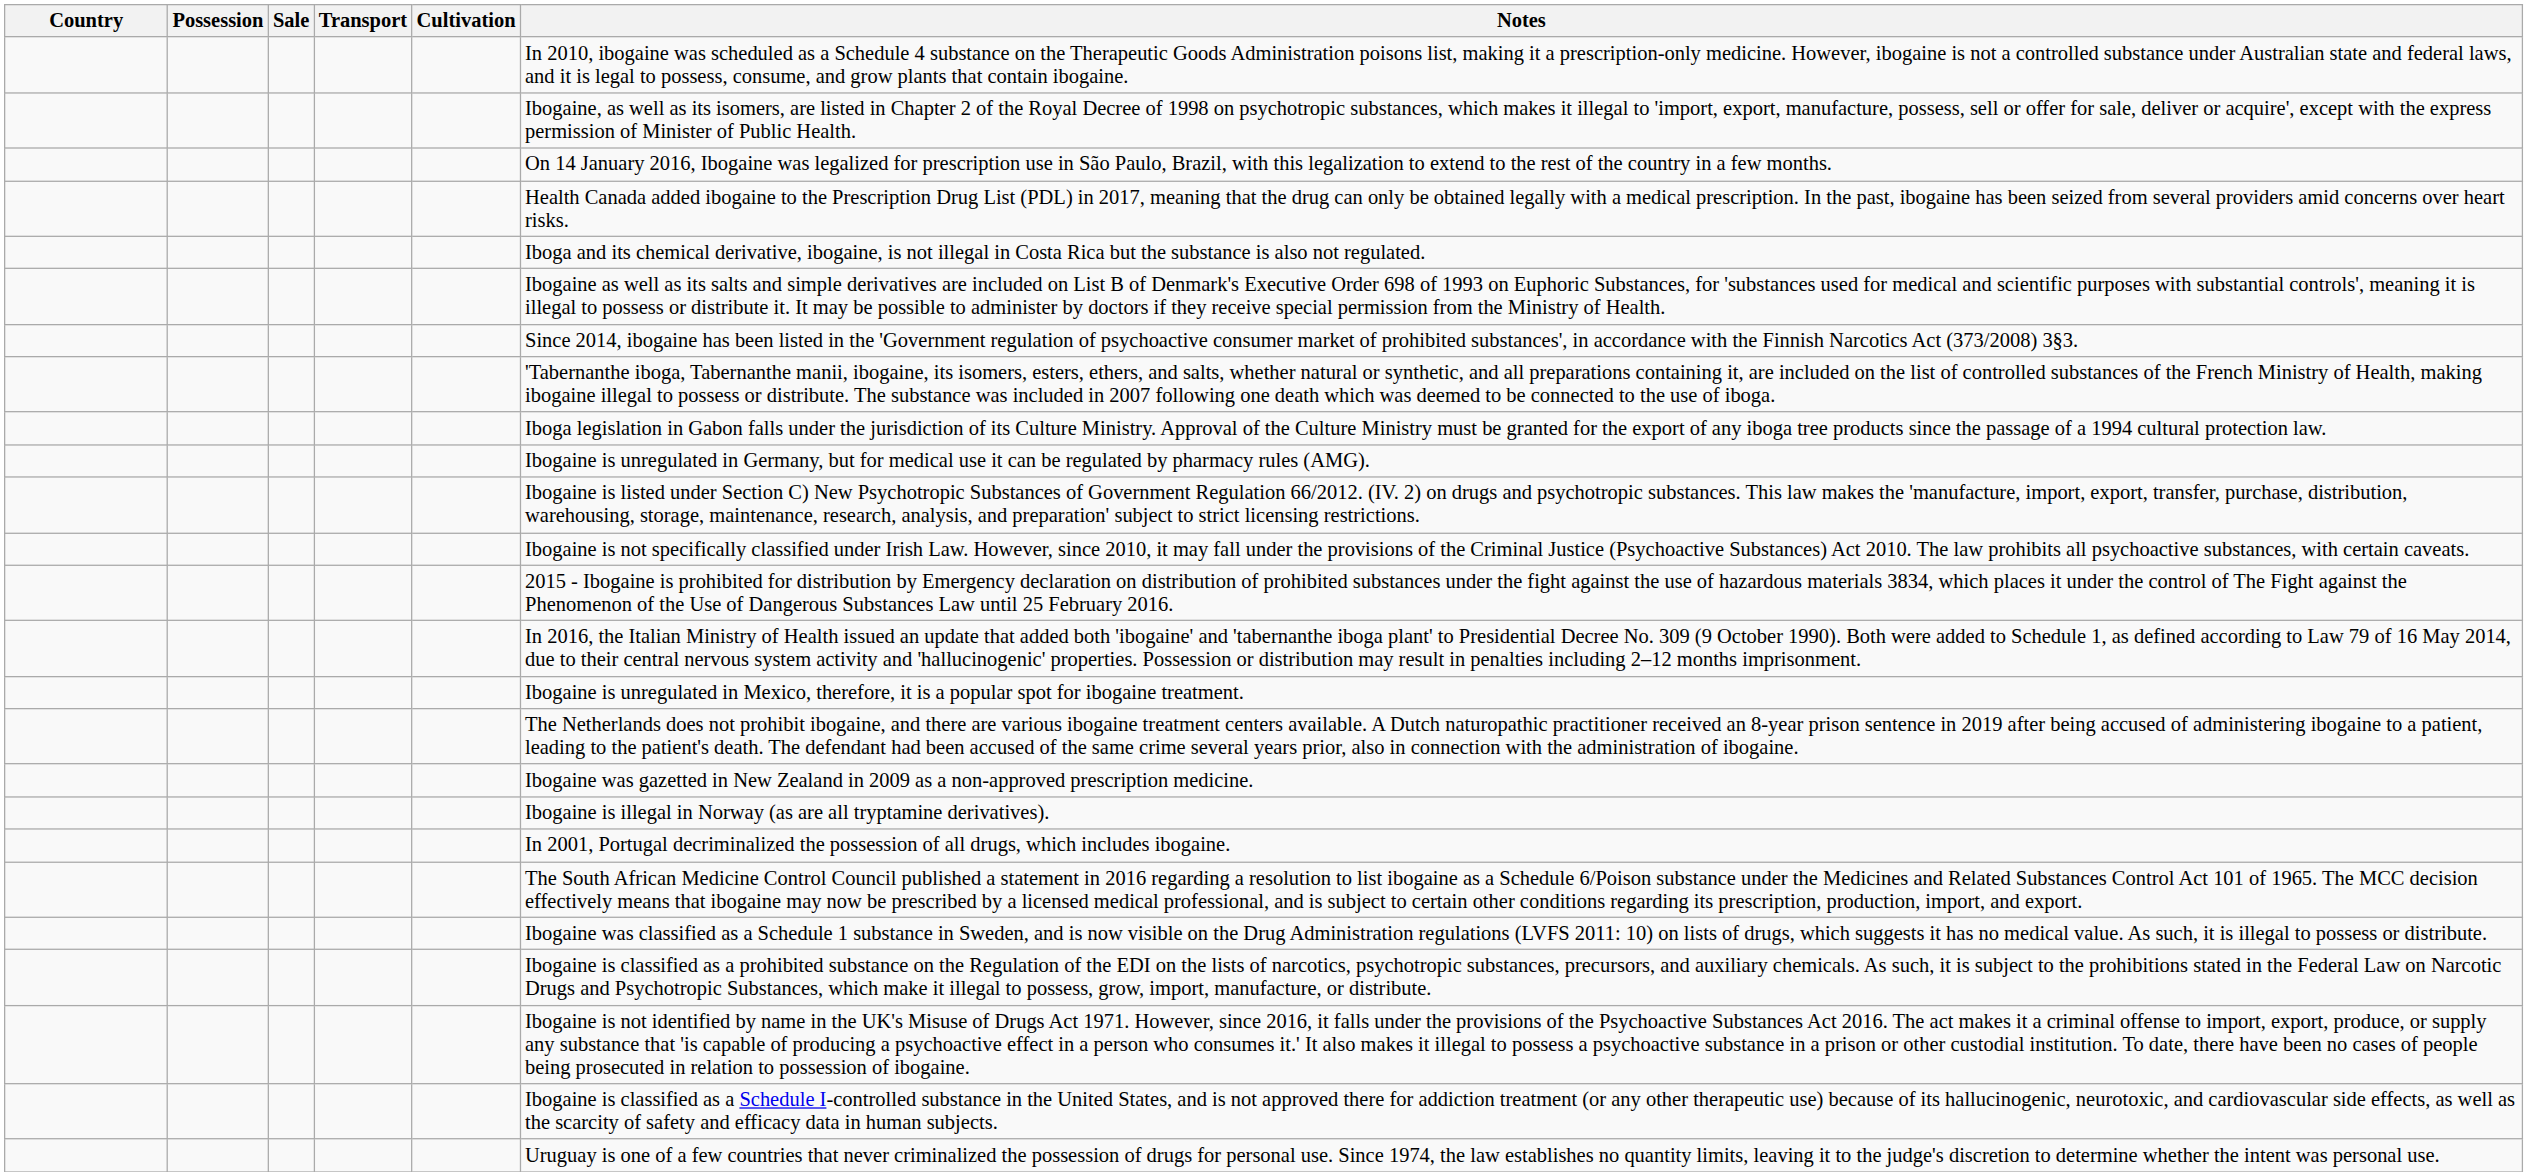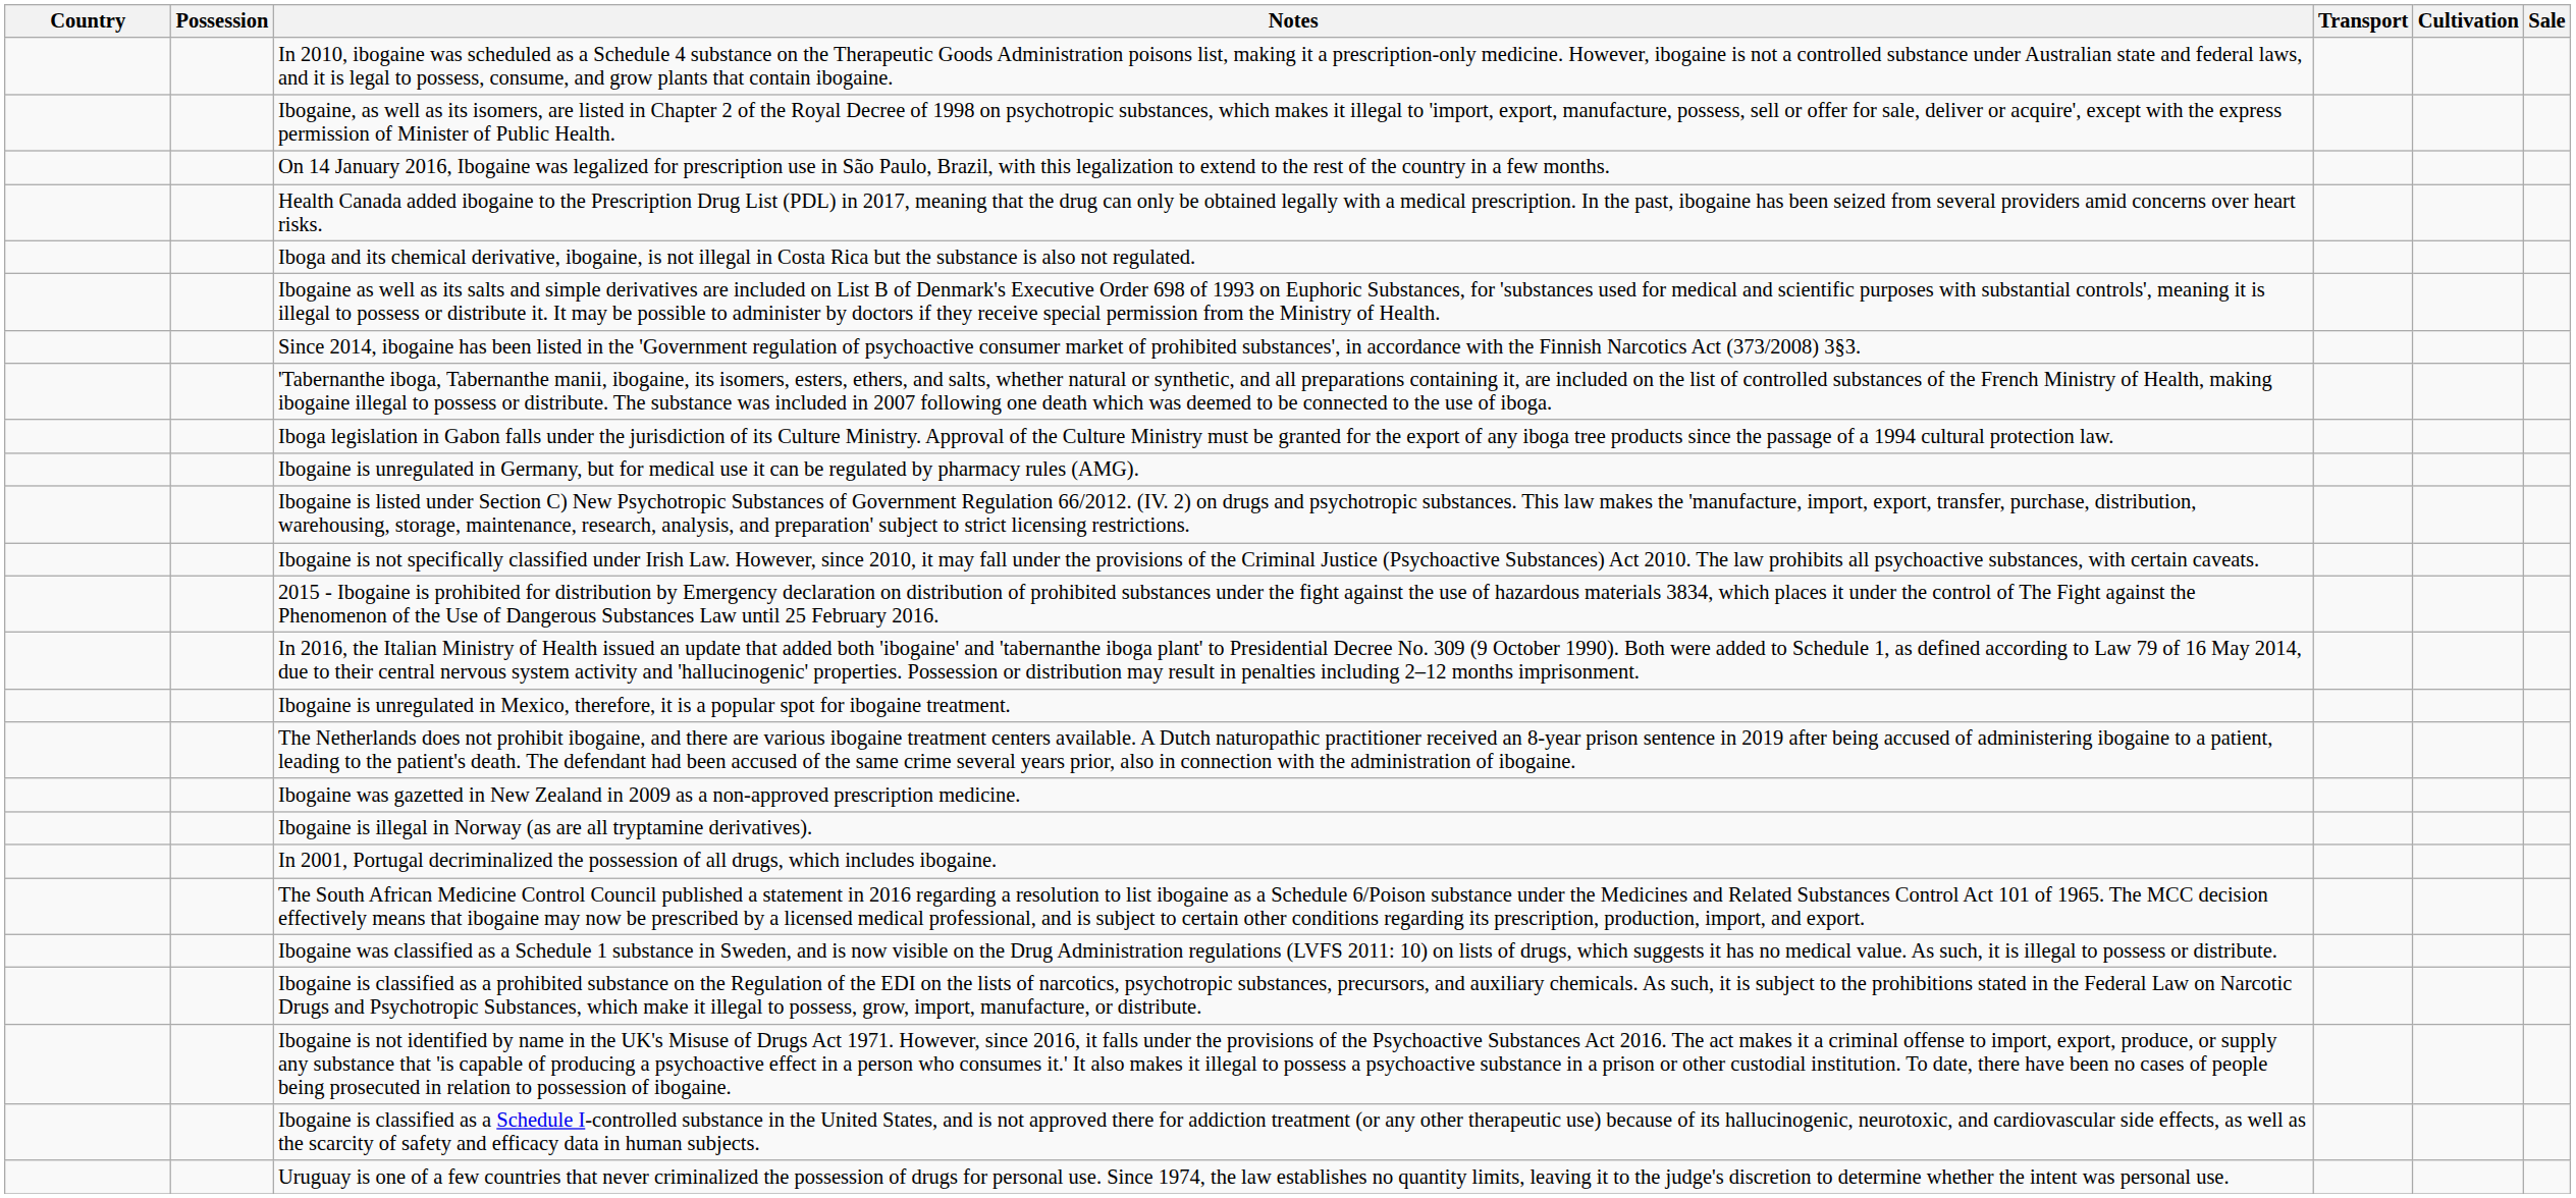 <table class="wikitable sortable" style="text-align:left">
 <tr>
 <th style="width:120px;">Country</th>
 <th>Possession</th>
-<th>Sale</th>
+<th>Notes</th>
 <th>Transport</th>
 <th>Cultivation</th>
-<th>Notes</th>
+<th>Sale</th>
 </tr>
 <tr>
 <td><br></td>
 <td></td>
+<td>In 2010, ibogaine was scheduled as a Schedule 4 substance on the Therapeutic Goods Administration poisons list, making it a prescription-only medicine. However, ibogaine is not a controlled substance under Australian state and federal laws, and it is legal to possess, consume, and grow plants that contain ibogaine.</td>
 <td></td>
 <td></td>
 <td></td>
-<td>In 2010, ibogaine was scheduled as a Schedule 4 substance on the Therapeutic Goods Administration poisons list, making it a prescription-only medicine. However, ibogaine is not a controlled substance under Australian state and federal laws, and it is legal to possess, consume, and grow plants that contain ibogaine.</td>
 </tr>
 <tr>
 <td><br></td>
 <td></td>
+<td>Ibogaine, as well as its isomers, are listed in Chapter 2 of the Royal Decree of 1998 on psychotropic substances, which makes it illegal to 'import, export, manufacture, possess, sell or offer for sale, deliver or acquire', except with the express permission of Minister of Public Health.</td>
 <td></td>
 <td></td>
 <td></td>
-<td>Ibogaine, as well as its isomers, are listed in Chapter 2 of the Royal Decree of 1998 on psychotropic substances, which makes it illegal to 'import, export, manufacture, possess, sell or offer for sale, deliver or acquire', except with the express permission of Minister of Public Health.</td>
 </tr>
 <tr>
 <td><br></td>
 <td></td>
+<td>On 14 January 2016, Ibogaine was legalized for prescription use in São Paulo, Brazil, with this legalization to extend to the rest of the country in a few months.</td>
 <td></td>
 <td></td>
 <td></td>
-<td>On 14 January 2016, Ibogaine was legalized for prescription use in São Paulo, Brazil, with this legalization to extend to the rest of the country in a few months.</td>
 </tr>
 <tr>
 <td><br></td>
 <td></td>
+<td>Health Canada added ibogaine to the Prescription Drug List (PDL) in 2017, meaning that the drug can only be obtained legally with a medical prescription. In the past, ibogaine has been seized from several providers amid concerns over heart risks.</td>
 <td></td>
 <td></td>
 <td></td>
-<td>Health Canada added ibogaine to the Prescription Drug List (PDL) in 2017, meaning that the drug can only be obtained legally with a medical prescription. In the past, ibogaine has been seized from several providers amid concerns over heart risks.</td>
 </tr>
 <tr>
 <td><br></td>
 <td></td>
+<td>Iboga and its chemical derivative, ibogaine, is not illegal in Costa Rica but the substance is also not regulated.</td>
 <td></td>
 <td></td>
 <td></td>
-<td>Iboga and its chemical derivative, ibogaine, is not illegal in Costa Rica but the substance is also not regulated.</td>
 </tr>
 <tr>
 <td><br></td>
 <td></td>
+<td>Ibogaine as well as its salts and simple derivatives are included on List B of Denmark's Executive Order 698 of 1993 on Euphoric Substances, for 'substances used for medical and scientific purposes with substantial controls', meaning it is illegal to possess or distribute it. It may be possible to administer by doctors if they receive special permission from the Ministry of Health.</td>
 <td></td>
 <td></td>
 <td></td>
-<td>Ibogaine as well as its salts and simple derivatives are included on List B of Denmark's Executive Order 698 of 1993 on Euphoric Substances, for 'substances used for medical and scientific purposes with substantial controls', meaning it is illegal to possess or distribute it. It may be possible to administer by doctors if they receive special permission from the Ministry of Health.</td>
 </tr>
 <tr>
 <td><br></td>
 <td></td>
+<td>Since 2014, ibogaine has been listed in the 'Government regulation of psychoactive consumer market of prohibited substances', in accordance with the Finnish Narcotics Act (373/2008) 3§3.</td>
 <td></td>
 <td></td>
 <td></td>
-<td>Since 2014, ibogaine has been listed in the 'Government regulation of psychoactive consumer market of prohibited substances', in accordance with the Finnish Narcotics Act (373/2008) 3§3.</td>
 </tr>
 <tr>
 <td><br></td>
 <td></td>
+<td>'Tabernanthe iboga, Tabernanthe manii, ibogaine, its isomers, esters, ethers, and salts, whether natural or synthetic, and all preparations containing it, are included on the list of controlled substances of the French Ministry of Health, making ibogaine illegal to possess or distribute. The substance was included in 2007 following one death which was deemed to be connected to the use of iboga.</td>
 <td></td>
 <td></td>
 <td></td>
-<td>'Tabernanthe iboga, Tabernanthe manii, ibogaine, its isomers, esters, ethers, and salts, whether natural or synthetic, and all preparations containing it, are included on the list of controlled substances of the French Ministry of Health, making ibogaine illegal to possess or distribute. The substance was included in 2007 following one death which was deemed to be connected to the use of iboga.</td>
 </tr>
 <tr>
 <td><br></td>
 <td></td>
+<td>Iboga legislation in Gabon falls under the jurisdiction of its Culture Ministry. Approval of the Culture Ministry must be granted for the export of any iboga tree products since the passage of a 1994 cultural protection law.</td>
 <td></td>
 <td></td>
 <td></td>
-<td>Iboga legislation in Gabon falls under the jurisdiction of its Culture Ministry. Approval of the Culture Ministry must be granted for the export of any iboga tree products since the passage of a 1994 cultural protection law.</td>
 </tr>
 <tr>
 <td><br></td>
 <td></td>
+<td>Ibogaine is unregulated in Germany, but for medical use it can be regulated by pharmacy rules (AMG).</td>
 <td></td>
 <td></td>
 <td></td>
-<td>Ibogaine is unregulated in Germany, but for medical use it can be regulated by pharmacy rules (AMG).</td>
 </tr>
 <tr>
 <td><br></td>
 <td></td>
+<td>Ibogaine is listed under Section C) New Psychotropic Substances of Government Regulation 66/2012. (IV. 2) on drugs and psychotropic substances. This law makes the 'manufacture, import, export, transfer, purchase, distribution, warehousing, storage, maintenance, research, analysis, and preparation' subject to strict licensing restrictions.</td>
 <td></td>
 <td></td>
 <td></td>
-<td>Ibogaine is listed under Section C) New Psychotropic Substances of Government Regulation 66/2012. (IV. 2) on drugs and psychotropic substances. This law makes the 'manufacture, import, export, transfer, purchase, distribution, warehousing, storage, maintenance, research, analysis, and preparation' subject to strict licensing restrictions.</td>
 </tr>
 <tr>
 <td><br></td>
 <td></td>
+<td>Ibogaine is not specifically classified under Irish Law. However, since 2010, it may fall under the provisions of the Criminal Justice (Psychoactive Substances) Act 2010. The law prohibits all psychoactive substances, with certain caveats.</td>
 <td></td>
 <td></td>
 <td></td>
-<td>Ibogaine is not specifically classified under Irish Law. However, since 2010, it may fall under the provisions of the Criminal Justice (Psychoactive Substances) Act 2010. The law prohibits all psychoactive substances, with certain caveats.</td>
 </tr>
 <tr>
 <td><br></td>
 <td></td>
+<td>2015 - Ibogaine is prohibited for distribution by Emergency declaration on distribution of prohibited substances under the fight against the use of hazardous materials 3834, which places it under the control of The Fight against the Phenomenon of the Use of Dangerous Substances Law until 25 February 2016.</td>
 <td></td>
 <td></td>
 <td></td>
-<td>2015 - Ibogaine is prohibited for distribution by Emergency declaration on distribution of prohibited substances under the fight against the use of hazardous materials 3834, which places it under the control of The Fight against the Phenomenon of the Use of Dangerous Substances Law until 25 February 2016.</td>
 </tr>
 <tr>
 <td><br></td>
 <td></td>
+<td>In 2016, the Italian Ministry of Health issued an update that added both 'ibogaine' and 'tabernanthe iboga plant' to Presidential Decree No. 309 (9 October 1990). Both were added to Schedule 1, as defined according to Law 79 of 16 May 2014, due to their central nervous system activity and 'hallucinogenic' properties. Possession or distribution may result in penalties including 2–12 months imprisonment.</td>
 <td></td>
 <td></td>
 <td></td>
-<td>In 2016, the Italian Ministry of Health issued an update that added both 'ibogaine' and 'tabernanthe iboga plant' to Presidential Decree No. 309 (9 October 1990). Both were added to Schedule 1, as defined according to Law 79 of 16 May 2014, due to their central nervous system activity and 'hallucinogenic' properties. Possession or distribution may result in penalties including 2–12 months imprisonment.</td>
 </tr>
 <tr>
 <td><br></td>
 <td></td>
+<td>Ibogaine is unregulated in Mexico, therefore, it is a popular spot for ibogaine treatment.</td>
 <td></td>
 <td></td>
 <td></td>
-<td>Ibogaine is unregulated in Mexico, therefore, it is a popular spot for ibogaine treatment.</td>
 </tr>
 <tr>
 <td><br></td>
 <td></td>
+<td>The Netherlands does not prohibit ibogaine, and there are various ibogaine treatment centers available. A Dutch naturopathic practitioner received an 8-year prison sentence in 2019 after being accused of administering ibogaine to a patient, leading to the patient's death. The defendant had been accused of the same crime several years prior, also in connection with the administration of ibogaine.</td>
 <td></td>
 <td></td>
 <td></td>
-<td>The Netherlands does not prohibit ibogaine, and there are various ibogaine treatment centers available. A Dutch naturopathic practitioner received an 8-year prison sentence in 2019 after being accused of administering ibogaine to a patient, leading to the patient's death. The defendant had been accused of the same crime several years prior, also in connection with the administration of ibogaine.</td>
 </tr>
 <tr>
 <td><br></td>
 <td></td>
+<td>Ibogaine was gazetted in New Zealand in 2009 as a non-approved prescription medicine.</td>
 <td></td>
 <td></td>
 <td></td>
-<td>Ibogaine was gazetted in New Zealand in 2009 as a non-approved prescription medicine.</td>
 </tr>
 <tr>
 <td><br></td>
 <td></td>
+<td>Ibogaine is illegal in Norway (as are all tryptamine derivatives).</td>
 <td></td>
 <td></td>
 <td></td>
-<td>Ibogaine is illegal in Norway (as are all tryptamine derivatives).</td>
 </tr>
 <tr>
 <td><br></td>
 <td></td>
+<td>In 2001, Portugal decriminalized the possession of all drugs, which includes ibogaine.</td>
 <td></td>
 <td></td>
 <td></td>
-<td>In 2001, Portugal decriminalized the possession of all drugs, which includes ibogaine.</td>
 </tr>
 <tr>
 <td><br></td>
 <td></td>
+<td>The South African Medicine Control Council published a statement in 2016 regarding a resolution to list ibogaine as a Schedule 6/Poison substance under the Medicines and Related Substances Control Act 101 of 1965. The MCC decision effectively means that ibogaine may now be prescribed by a licensed medical professional, and is subject to certain other conditions regarding its prescription, production, import, and export.</td>
 <td></td>
 <td></td>
 <td></td>
-<td>The South African Medicine Control Council published a statement in 2016 regarding a resolution to list ibogaine as a Schedule 6/Poison substance under the Medicines and Related Substances Control Act 101 of 1965. The MCC decision effectively means that ibogaine may now be prescribed by a licensed medical professional, and is subject to certain other conditions regarding its prescription, production, import, and export.</td>
 </tr>
 <tr>
 <td><br></td>
 <td></td>
+<td>Ibogaine was classified as a Schedule 1 substance in Sweden, and is now visible on the Drug Administration regulations (LVFS 2011: 10) on lists of drugs, which suggests it has no medical value. As such, it is illegal to possess or distribute.</td>
 <td></td>
 <td></td>
 <td></td>
-<td>Ibogaine was classified as a Schedule 1 substance in Sweden, and is now visible on the Drug Administration regulations (LVFS 2011: 10) on lists of drugs, which suggests it has no medical value. As such, it is illegal to possess or distribute.</td>
 </tr>
 <tr>
 <td><br></td>
 <td></td>
+<td>Ibogaine is classified as a prohibited substance on the Regulation of the EDI on the lists of narcotics, psychotropic substances, precursors, and auxiliary chemicals. As such, it is subject to the prohibitions stated in the Federal Law on Narcotic Drugs and Psychotropic Substances, which make it illegal to possess, grow, import, manufacture, or distribute.</td>
 <td></td>
 <td></td>
 <td></td>
-<td>Ibogaine is classified as a prohibited substance on the Regulation of the EDI on the lists of narcotics, psychotropic substances, precursors, and auxiliary chemicals. As such, it is subject to the prohibitions stated in the Federal Law on Narcotic Drugs and Psychotropic Substances, which make it illegal to possess, grow, import, manufacture, or distribute.</td>
 </tr>
 <tr>
 <td><br></td>
 <td></td>
+<td>Ibogaine is not identified by name in the UK's Misuse of Drugs Act 1971. However, since 2016, it falls under the provisions of the Psychoactive Substances Act 2016. The act makes it a criminal offense to import, export, produce, or supply any substance that 'is capable of producing a psychoactive effect in a person who consumes it.' It also makes it illegal to possess a psychoactive substance in a prison or other custodial institution. To date, there have been no cases of people being prosecuted in relation to possession of ibogaine.</td>
 <td></td>
 <td></td>
 <td></td>
-<td>Ibogaine is not identified by name in the UK's Misuse of Drugs Act 1971. However, since 2016, it falls under the provisions of the Psychoactive Substances Act 2016. The act makes it a criminal offense to import, export, produce, or supply any substance that 'is capable of producing a psychoactive effect in a person who consumes it.' It also makes it illegal to possess a psychoactive substance in a prison or other custodial institution. To date, there have been no cases of people being prosecuted in relation to possession of ibogaine.</td>
 </tr>
 <tr>
 <td><br></td>
 <td></td>
+<td>Ibogaine is classified as a <a href='#'>Schedule I</a>-controlled substance in the United States, and is not approved there for addiction treatment (or any other therapeutic use) because of its hallucinogenic, neurotoxic, and cardiovascular side effects, as well as the scarcity of safety and efficacy data in human subjects.</td>
 <td></td>
 <td></td>
 <td></td>
-<td>Ibogaine is classified as a <a href='#'>Schedule I</a>-controlled substance in the United States, and is not approved there for addiction treatment (or any other therapeutic use) because of its hallucinogenic, neurotoxic, and cardiovascular side effects, as well as the scarcity of safety and efficacy data in human subjects.</td>
 </tr>
 <tr>
 <td><br></td>
 <td></td>
+<td>Uruguay is one of a few countries that never criminalized the possession of drugs for personal use. Since 1974, the law establishes no quantity limits, leaving it to the judge's discretion to determine whether the intent was personal use.</td>
 <td></td>
 <td></td>
 <td></td>
-<td>Uruguay is one of a few countries that never criminalized the possession of drugs for personal use. Since 1974, the law establishes no quantity limits, leaving it to the judge's discretion to determine whether the intent was personal use.</td>
 </tr>
 </table>
